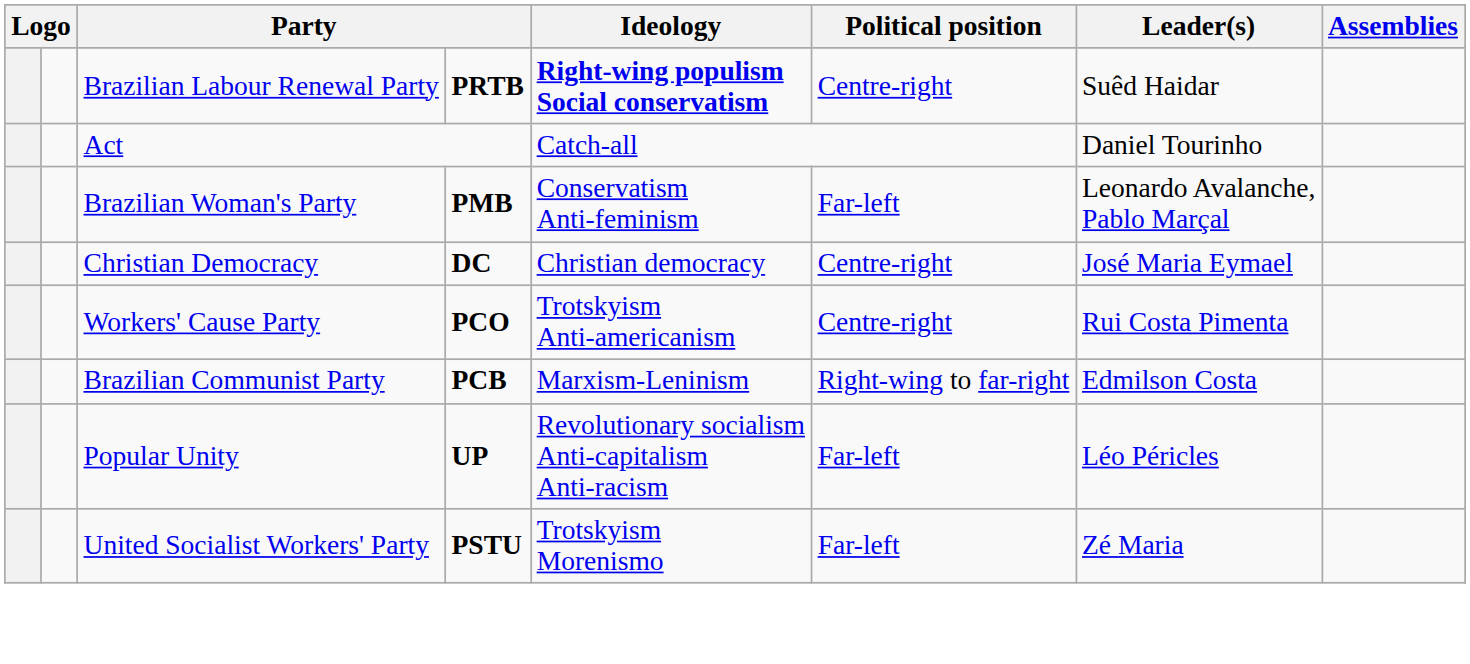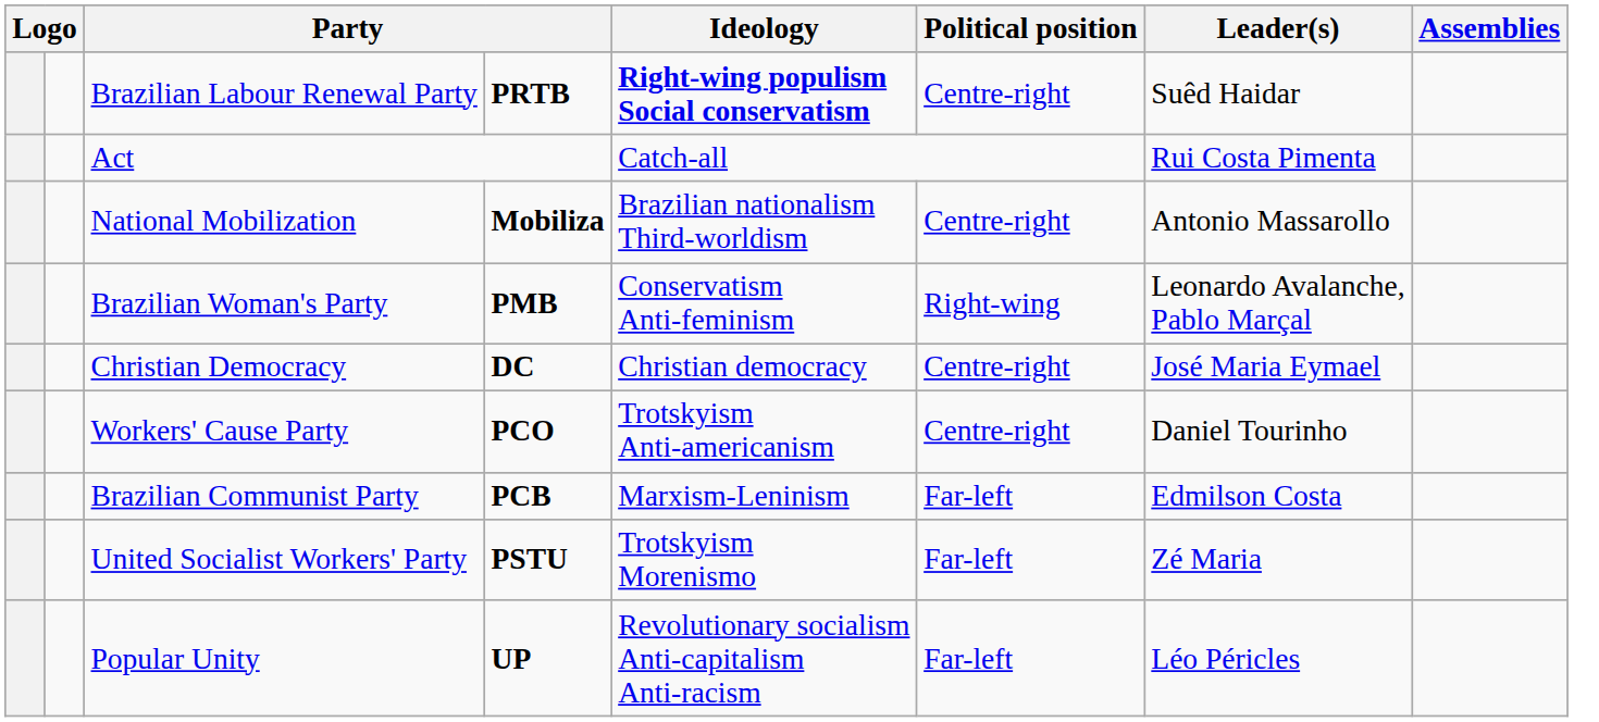 <table class="wikitable sortable">
 <tr>
 <th colspan=2 class=unsortable>Logo</th>
 <th colspan=2>Party</th>
 <th class=unsortable>Ideology</th>
 <th>Political position</th>
 <th>Leader(s)</th>
 <th><a href='#'>Assemblies</a></th>
 </tr>
 <tr>
 <th style="background-color: "></th>
 <td></td>
 <td><a href='#'>Brazilian Labour Renewal Party</a><br><small></small></td>
 <td><strong>PRTB</strong></td>
 <td><strong><a href='#'>Right-wing populism</a><br><a href='#'>Social conservatism</a></strong></td>
 <td><a href='#'>Centre-right</a></td>
 <td>Suêd Haidar</td>
 <td></td>
 </tr>
 <tr>
 <th style="background-color: "></th>
 <td></td>
 <td colspan=2><a href='#'>Act</a><br><small></small></td>
 <td colspan="2"><a href='#'>Catch-all</a></td>
-<td>Daniel Tourinho</td>
+<td><a href='#'>Rui Costa Pimenta</a></td>
+<td></td>
+</tr>
+<tr>
+<th style="background-color: "></th>
+<td></td>
+<td><a href='#'>National Mobilization</a><br><small></small></td>
+<td><strong>Mobiliza</strong></td>
+<td><a href='#'>Brazilian nationalism</a><br><a href='#'>Third-worldism</a></td>
+<td><a href='#'>Centre-right</a></td>
+<td>Antonio Massarollo</td>
 <td></td>
 </tr>
 <tr>
 <th style="background-color: "></th>
 <td></td>
 <td><a href='#'>Brazilian Woman's Party</a><br><small></small></td>
 <td><strong>PMB</strong></td>
 <td><a href='#'>Conservatism</a><br><a href='#'>Anti-feminism</a></td>
-<td><a href='#'>Far-left</a></td>
+<td><a href='#'>Right-wing</a></td>
 <td>Leonardo Avalanche,<br><a href='#'>Pablo Marçal</a></td>
 <td></td>
 </tr>
 <tr>
 <th style="background-color: "></th>
 <td></td>
 <td><a href='#'>Christian Democracy</a><br><small></small></td>
 <td><strong>DC</strong></td>
 <td><a href='#'>Christian democracy</a></td>
 <td><a href='#'>Centre-right</a></td>
 <td><a href='#'>José Maria Eymael</a></td>
 <td></td>
 </tr>
 <tr>
 <th style="background-color: "></th>
 <td></td>
 <td><a href='#'>Workers' Cause Party</a><br><small></small></td>
 <td><strong>PCO</strong></td>
 <td><a href='#'>Trotskyism</a><br><a href='#'>Anti-americanism</a></td>
 <td><a href='#'>Centre-right</a></td>
-<td><a href='#'>Rui Costa Pimenta</a></td>
+<td>Daniel Tourinho</td>
 <td></td>
 </tr>
 <tr>
 <th style="background-color: "></th>
 <td></td>
 <td><a href='#'>Brazilian Communist Party</a><br><small></small></td>
 <td><strong>PCB</strong></td>
 <td><a href='#'>Marxism-Leninism</a></td>
-<td><a href='#'>Right-wing</a> to <a href='#'>far-right</a></td>
+<td><a href='#'>Far-left</a></td>
 <td><a href='#'>Edmilson Costa</a></td>
+<td></td>
+</tr>
+<tr>
+<th style="background-color: "></th>
+<td></td>
+<td><a href='#'>United Socialist Workers' Party</a><br><small></small></td>
+<td><strong>PSTU</strong></td>
+<td><a href='#'>Trotskyism</a><br><a href='#'>Morenismo</a></td>
+<td><a href='#'>Far-left</a></td>
+<td><a href='#'>Zé Maria</a></td>
 <td></td>
 </tr>
 <tr>
 <th style="background-color: "></th>
 <td></td>
 <td><a href='#'>Popular Unity</a><br><small></small></td>
 <td><strong>UP</strong></td>
 <td><a href='#'>Revolutionary socialism</a><br><a href='#'>Anti-capitalism</a><br><a href='#'>Anti-racism</a></td>
 <td><a href='#'>Far-left</a></td>
 <td><a href='#'>Léo Péricles</a></td>
 <td></td>
 </tr>
-<tr>
-<th style="background-color: "></th>
-<td></td>
-<td><a href='#'>United Socialist Workers' Party</a><br><small></small></td>
-<td><strong>PSTU</strong></td>
-<td><a href='#'>Trotskyism</a><br><a href='#'>Morenismo</a></td>
-<td><a href='#'>Far-left</a></td>
-<td><a href='#'>Zé Maria</a></td>
-<td></td>
-</tr>
 </table>
